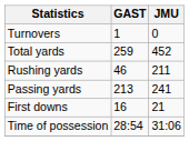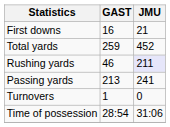 <table class="wikitable" style="float: left;">
 <tr>
 <th>Statistics</th>
 <th>GAST</th>
 <th>JMU</th>
 </tr>
 <tr>
-<td>Turnovers</td>
-<td>1</td>
-<td>0</td>
+<td>First downs</td>
+<td>16</td>
+<td>21</td>
 </tr>
 <tr>
 <td>Total yards</td>
 <td>259</td>
 <td>452</td>
 </tr>
 <tr>
 <td>Rushing yards</td>
 <td>46</td>
-<td>211</td>
+<td style="background: lavender;">211</td>
 </tr>
 <tr>
 <td>Passing yards</td>
 <td>213</td>
 <td>241</td>
 </tr>
 <tr>
-<td>First downs</td>
-<td>16</td>
-<td>21</td>
+<td>Turnovers</td>
+<td>1</td>
+<td>0</td>
 </tr>
 <tr>
 <td>Time of possession</td>
 <td>28:54</td>
 <td>31:06</td>
 </tr>
 <tr>
 </tr>
 </table>
